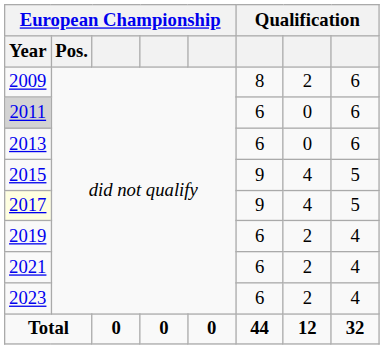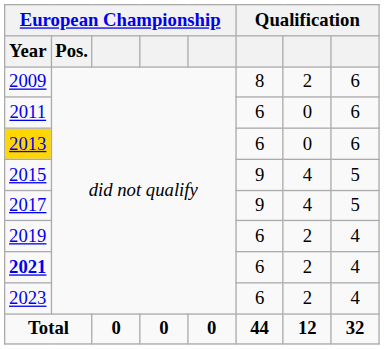 <table class="wikitable" style="text-align: center;font-size:90%;">
 <tr>
 <th colspan=5><a href='#'>European Championship</a></th>
 <th colspan=3>Qualification</th>
 </tr>
 <tr>
 <th>Year</th>
 <th>Pos.</th>
 <th width=30></th>
 <th width=30></th>
 <th width=30></th>
 <th width=30></th>
 <th width=30></th>
 <th width=30></th>
 </tr>
 <tr>
 <td> <a href='#'>2009</a></td>
 <td colspan=4 rowspan=8><em>did not qualify</em></td>
 <td>8</td>
 <td>2</td>
 <td>6</td>
 </tr>
 <tr>
-<td style="background: lightgrey;">  <a href='#'>2011</a></td>
+<td>  <a href='#'>2011</a></td>
 <td>6</td>
 <td>0</td>
 <td>6</td>
 </tr>
 <tr>
-<td>  <a href='#'>2013</a></td>
+<td style="background: gold;">  <a href='#'>2013</a></td>
 <td>6</td>
 <td>0</td>
 <td>6</td>
 </tr>
 <tr>
 <td>  <a href='#'>2015</a></td>
 <td>9</td>
 <td>4</td>
 <td>5</td>
 </tr>
 <tr>
-<td style="background: lightyellow;">  <a href='#'>2017</a></td>
+<td>  <a href='#'>2017</a></td>
 <td>9</td>
 <td>4</td>
 <td>5</td>
 </tr>
 <tr>
 <td>    <a href='#'>2019</a></td>
 <td>6</td>
 <td>2</td>
 <td>4</td>
 </tr>
 <tr>
-<td>    <a href='#'>2021</a></td>
+<td><strong>    <a href='#'>2021</a></strong></td>
 <td>6</td>
 <td>2</td>
 <td>4</td>
 </tr>
 <tr>
 <td>    <a href='#'>2023</a></td>
 <td>6</td>
 <td>2</td>
 <td>4</td>
 </tr>
 <tr>
 <td colspan=2><strong>Total</strong></td>
 <td><strong>0</strong></td>
 <td><strong>0</strong></td>
 <td><strong>0</strong></td>
 <td><strong>44</strong></td>
 <td><strong>12</strong></td>
 <td><strong>32</strong></td>
 </tr>
 </table>
